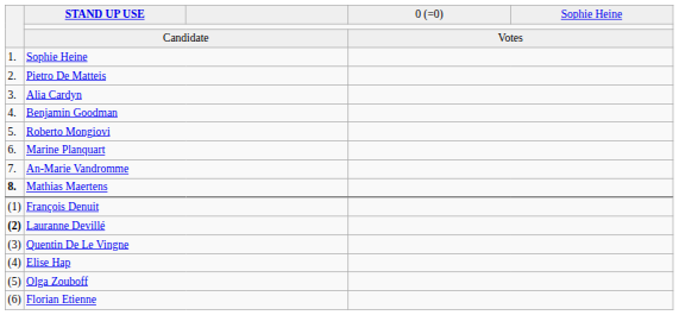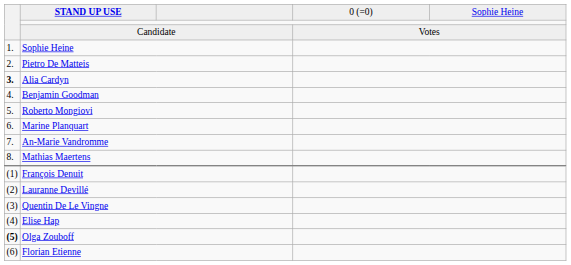 <table class="wikitable collapsible collapsed" style=text-align:left;font-size:90%>
 <tr>
 <th rowspan=3></th>
 <td bgcolor=efefef width=200 align=center><strong> <a href='#'>STAND UP USE</a> </strong></td>
 <td bgcolor=efefef width=200 align=center></td>
 <td bgcolor=efefef width=200 align=center>0 (=0)</td>
 <td bgcolor=efefef width=200 align=center><a href='#'>Sophie Heine</a></td>
 </tr>
 <tr>
 <td colspan=4 bgcolor=></td>
 </tr>
 <tr>
 <td bgcolor=efefef align=center colspan=2>Candidate</td>
 <td bgcolor=efefef align=center colspan=2>Votes</td>
 </tr>
 <tr>
 <td>1.</td>
 <td colspan=2><a href='#'>Sophie Heine</a></td>
 <td colspan=2></td>
 </tr>
 <tr>
 <td>2.</td>
 <td colspan=2><a href='#'>Pietro De Matteis</a></td>
 <td colspan=2></td>
 </tr>
 <tr>
-<td>3.</td>
+<td><strong>3.</strong></td>
 <td colspan=2><a href='#'>Alia Cardyn</a></td>
 <td colspan=2></td>
 </tr>
 <tr>
 <td>4.</td>
 <td colspan=2><a href='#'>Benjamin Goodman</a></td>
 <td colspan=2></td>
 </tr>
 <tr>
 <td>5.</td>
 <td colspan=2><a href='#'>Roberto Mongiovi</a></td>
 <td colspan=2></td>
 </tr>
 <tr>
 <td>6.</td>
 <td colspan=2><a href='#'>Marine Planquart</a></td>
 <td colspan=2></td>
 </tr>
 <tr>
 <td>7.</td>
 <td colspan=2><a href='#'>An‐Marie Vandromme</a></td>
 <td colspan=2></td>
 </tr>
 <tr>
-<td><strong>8.</strong></td>
+<td>8.</td>
 <td colspan=2><a href='#'>Mathias Maertens</a></td>
 <td colspan=2></td>
 </tr>
 <tr style="border-top:2px solid gray;">
 <td>(1)</td>
 <td colspan=2><a href='#'>François Denuit</a></td>
 <td colspan=2></td>
 </tr>
 <tr>
-<td><strong>(2)</strong></td>
+<td>(2)</td>
 <td colspan=2><a href='#'>Lauranne Devillé</a></td>
 <td colspan=2></td>
 </tr>
 <tr>
 <td>(3)</td>
 <td colspan=2><a href='#'>Quentin De Le Vingne</a></td>
 <td colspan=2></td>
 </tr>
 <tr>
 <td>(4)</td>
 <td colspan=2><a href='#'>Elise Hap</a></td>
 <td colspan=2></td>
 </tr>
 <tr>
-<td>(5)</td>
+<td><strong>(5)</strong></td>
 <td colspan=2><a href='#'>Olga Zouboff</a></td>
 <td colspan=2></td>
 </tr>
 <tr>
 <td>(6)</td>
 <td colspan=2><a href='#'>Florian Etienne</a></td>
 <td colspan=2></td>
 </tr>
 </table>
